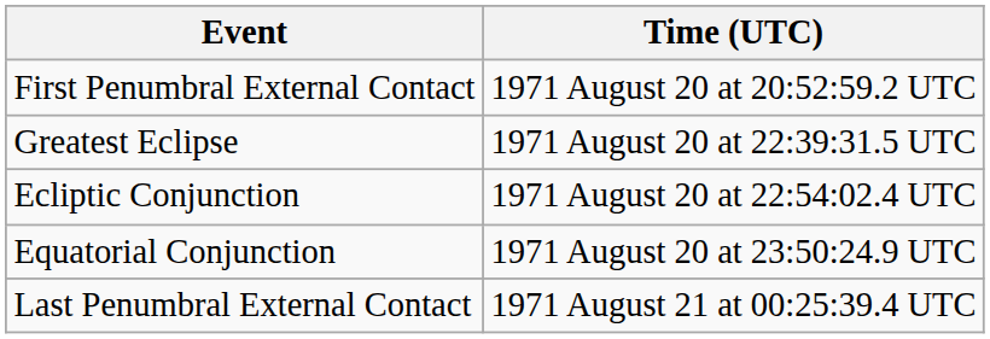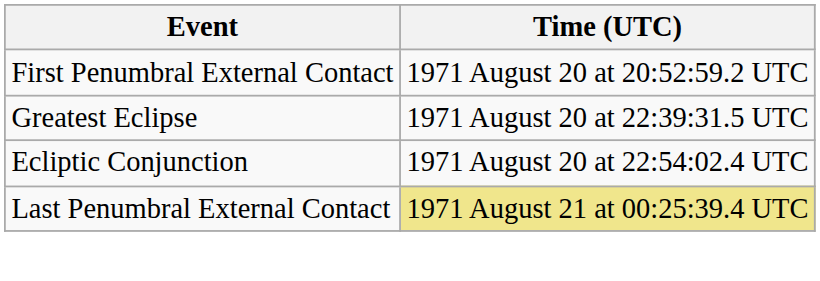 <table class="wikitable">
 <tr>
 <th>Event</th>
 <th>Time (UTC)</th>
 </tr>
 <tr>
 <td>First Penumbral External Contact</td>
 <td>1971 August 20 at 20:52:59.2 UTC</td>
 </tr>
 <tr>
 <td>Greatest Eclipse</td>
 <td>1971 August 20 at 22:39:31.5 UTC</td>
 </tr>
 <tr>
 <td>Ecliptic Conjunction</td>
 <td>1971 August 20 at 22:54:02.4 UTC</td>
 </tr>
 <tr>
-<td>Equatorial Conjunction</td>
-<td>1971 August 20 at 23:50:24.9 UTC</td>
-</tr>
-<tr>
 <td>Last Penumbral External Contact</td>
-<td>1971 August 21 at 00:25:39.4 UTC</td>
+<td style="background: khaki;">1971 August 21 at 00:25:39.4 UTC</td>
 </tr>
 </table>
